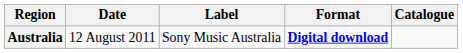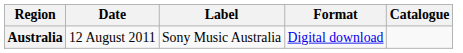 <table class="wikitable plainrowheaders">
 <tr>
 <th>Region</th>
 <th>Date</th>
 <th>Label</th>
 <th>Format</th>
 <th>Catalogue</th>
 </tr>
 <tr>
 <th scope="row">Australia</th>
 <td>12 August 2011</td>
 <td>Sony Music Australia</td>
-<td><strong><a href='#'>Digital download</a></strong></td>
+<td><a href='#'>Digital download</a></td>
 </tr>
 </table>
